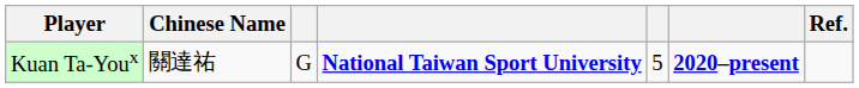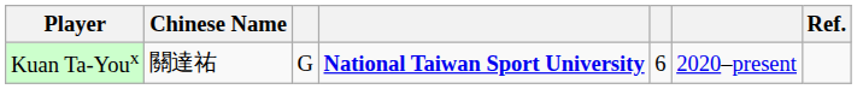 <table class="wikitable sortable" style="font-size:95%; text-align:left;">
 <tr>
 <th>Player</th>
 <th>Chinese Name</th>
 <th></th>
 <th></th>
 <th></th>
 <th></th>
 <th>Ref.</th>
 </tr>
 <tr>
 <td bgcolor="#CCFFCC">Kuan Ta-You<sup>x</sup></td>
 <td>關達祐</td>
 <td align="center">G</td>
 <td><strong><a href='#'>National Taiwan Sport University</a></strong></td>
-<td align="center">5</td>
-<td align="center"><strong><a href='#'>2020</a>–<a href='#'>present</a></strong></td>
+<td align="center">6</td>
+<td align="center"><a href='#'>2020</a>–<a href='#'>present</a></td>
 <td></td>
 </tr>
 </table>
